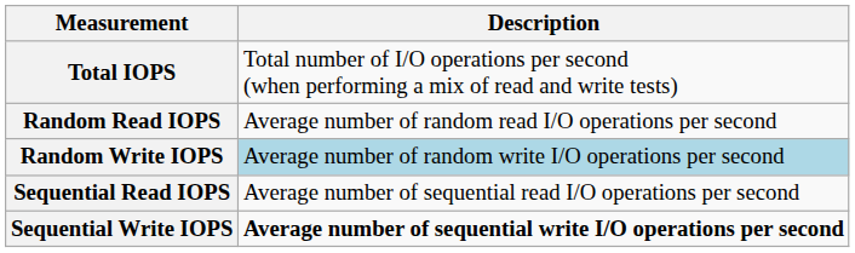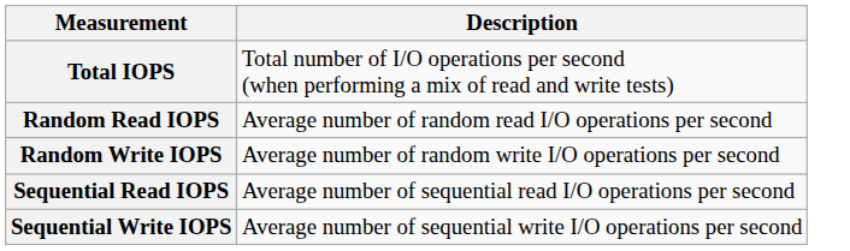 <table class="wikitable">
 <tr>
 <th scope="col">Measurement</th>
 <th scope="col">Description</th>
 </tr>
 <tr>
 <th scope="row" >Total IOPS</th>
 <td>Total number of I/O operations per second<br>(when performing a mix of read and write tests)</td>
 </tr>
 <tr>
 <th scope="row" >Random Read IOPS</th>
 <td>Average number of random read I/O operations per second</td>
 </tr>
 <tr>
 <th scope="row" >Random Write IOPS</th>
-<td style="background: lightblue;">Average number of random write I/O operations per second</td>
+<td>Average number of random write I/O operations per second</td>
 </tr>
 <tr>
 <th scope="row" >Sequential Read IOPS</th>
 <td>Average number of sequential read I/O operations per second</td>
 </tr>
 <tr>
 <th scope="row" >Sequential Write IOPS</th>
-<td><strong>Average number of sequential write I/O operations per second</strong></td>
+<td>Average number of sequential write I/O operations per second</td>
 </tr>
 </table>
